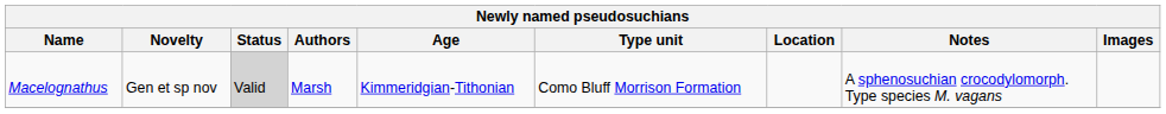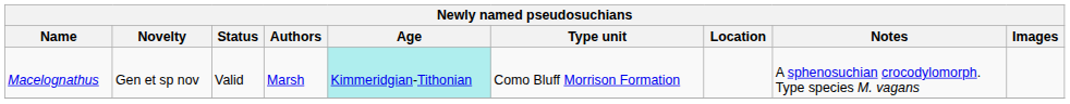 <table class="wikitable sortable" align="center" width="100%">
 <tr>
 <th colspan="9">Newly named pseudosuchians</th>
 </tr>
 <tr>
 <th>Name</th>
 <th>Novelty</th>
 <th>Status</th>
 <th>Authors</th>
 <th>Age</th>
 <th>Type unit</th>
 <th>Location</th>
 <th>Notes</th>
 <th>Images</th>
 </tr>
 <tr>
 <td><br><em><a href='#'>Macelognathus</a></em></td>
 <td><br>Gen et sp nov</td>
-<td style="background: lightgrey;"><br>Valid</td>
+<td><br>Valid</td>
 <td><br><a href='#'>Marsh</a></td>
-<td><br><a href='#'>Kimmeridgian</a>-<a href='#'>Tithonian</a></td>
+<td style="background: paleturquoise;"><br><a href='#'>Kimmeridgian</a>-<a href='#'>Tithonian</a></td>
 <td><br>Como Bluff <a href='#'>Morrison Formation</a></td>
 <td><br><br></td>
 <td><br>A <a href='#'>sphenosuchian</a> <a href='#'>crocodylomorph</a>.<br> Type species <em>M. vagans</em></td>
 <td><br></td>
 </tr>
 <tr>
 </tr>
 </table>
